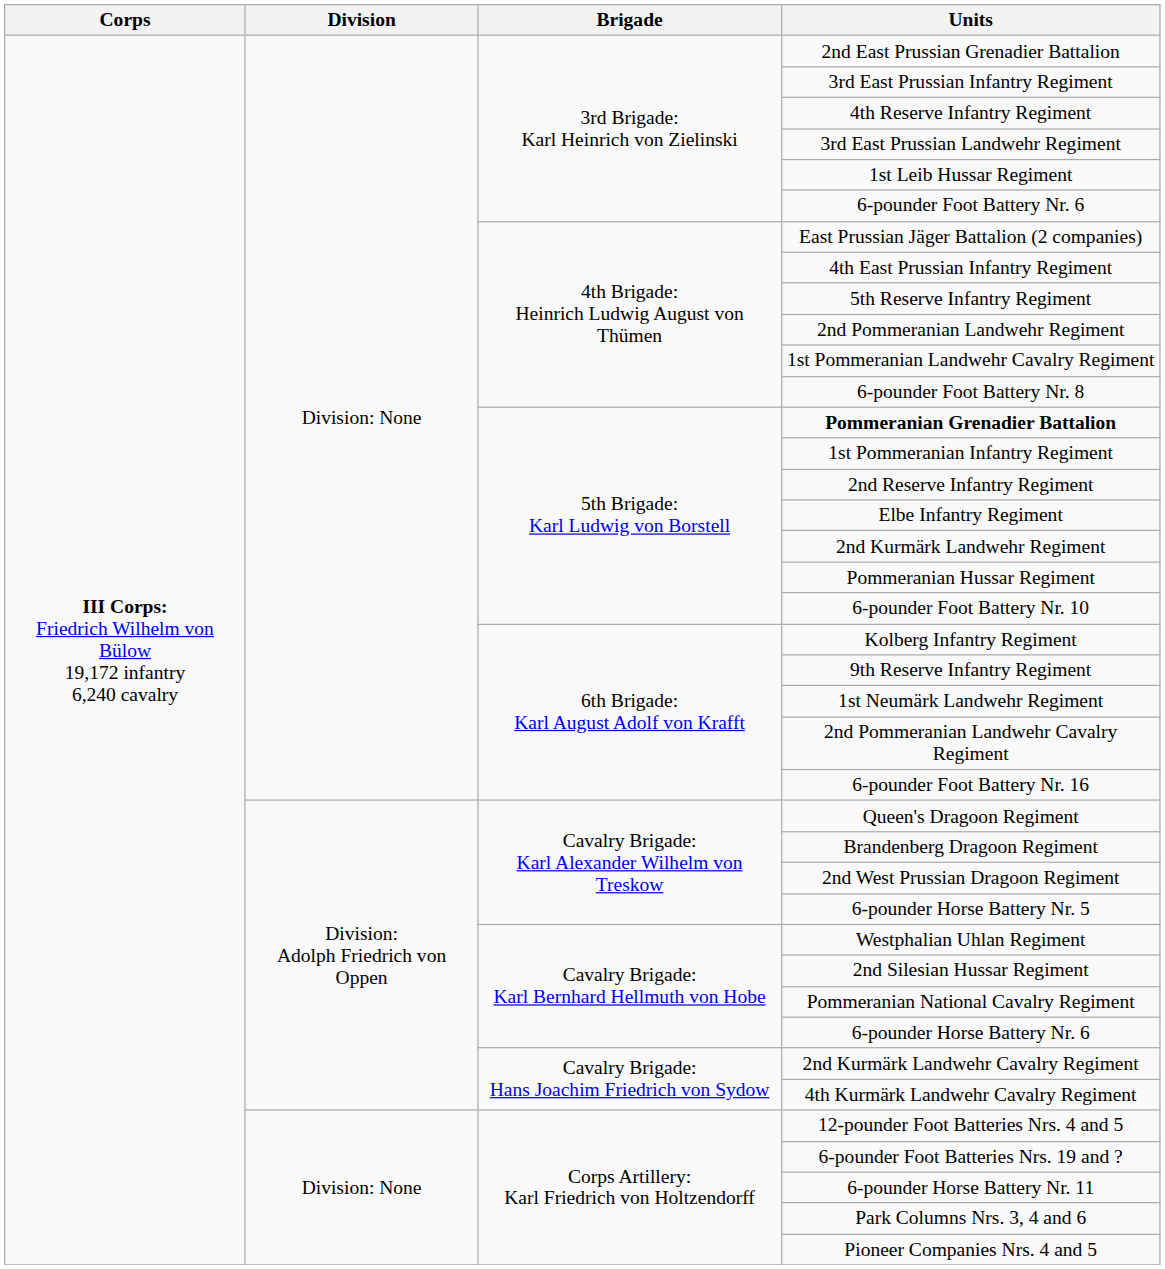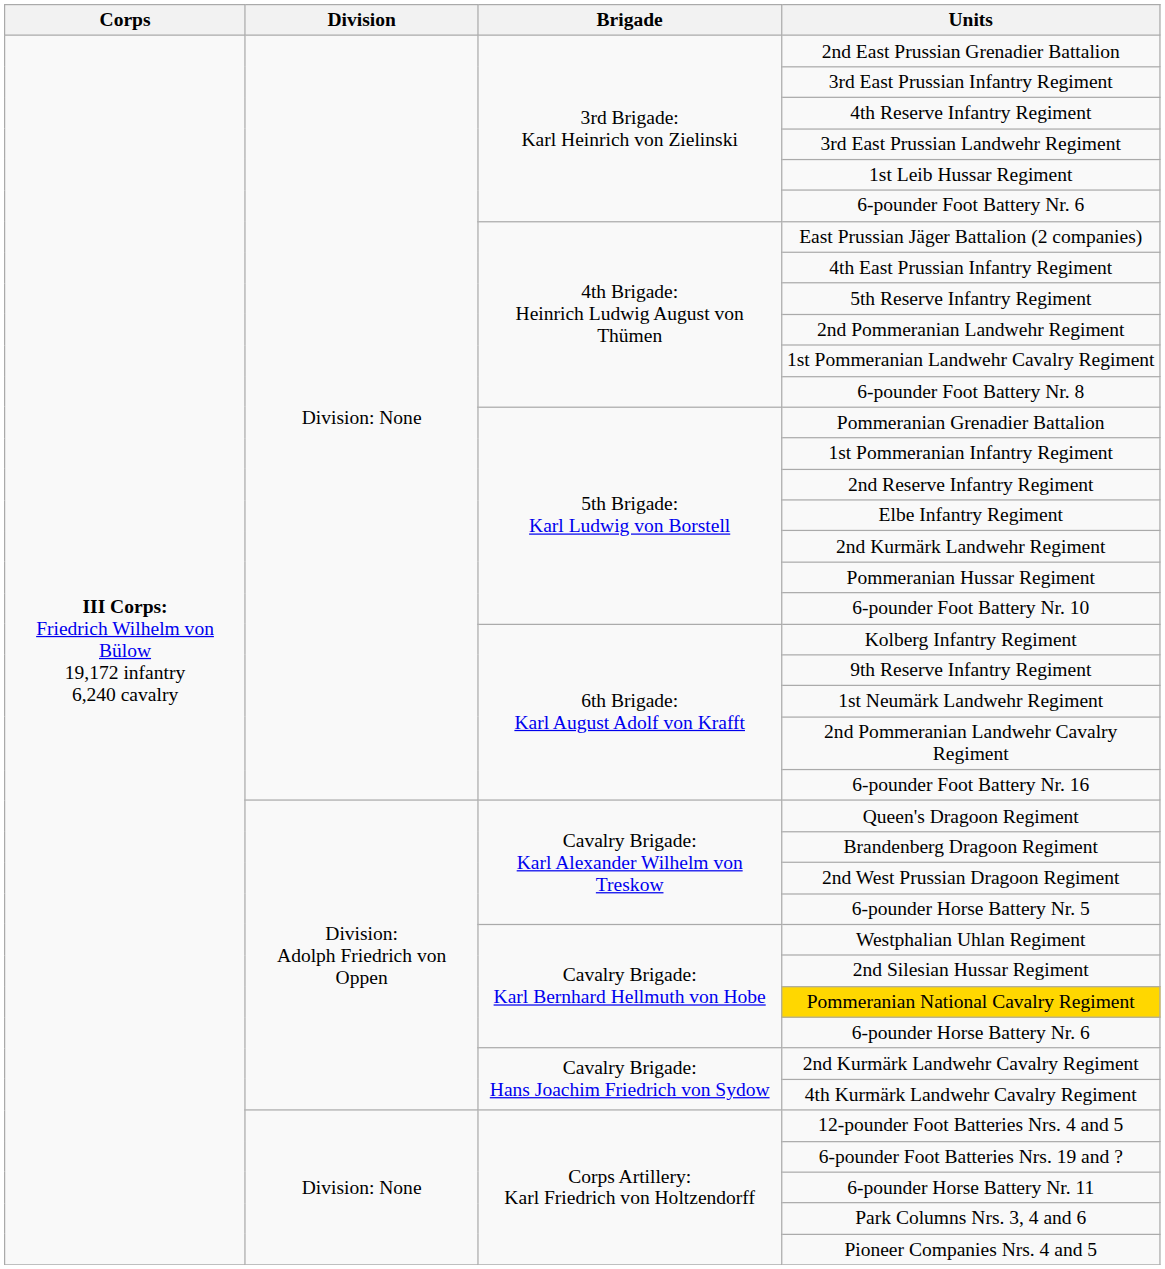 <table class="wikitable collapsible collapsed" style="text-align:center; width:75%;">
 <tr>
 <th>Corps</th>
 <th>Division</th>
 <th>Brigade</th>
 <th>Units</th>
 </tr>
 <tr>
 <td ROWSPAN=39><strong>III Corps:</strong><br><a href='#'>Friedrich Wilhelm von Bülow</a><br>19,172 infantry<br>6,240 cavalry</td>
 <td ROWSPAN=24>Division: None</td>
 <td ROWSPAN=6>3rd Brigade:<br>Karl Heinrich von Zielinski</td>
 <td>2nd East Prussian Grenadier Battalion</td>
 </tr>
 <tr>
 <td>3rd East Prussian Infantry Regiment</td>
 </tr>
 <tr>
 <td>4th Reserve Infantry Regiment</td>
 </tr>
 <tr>
 <td>3rd East Prussian Landwehr Regiment</td>
 </tr>
 <tr>
 <td>1st Leib Hussar Regiment</td>
 </tr>
 <tr>
 <td>6-pounder Foot Battery Nr. 6</td>
 </tr>
 <tr>
 <td ROWSPAN=6>4th Brigade:<br>Heinrich Ludwig August von Thümen</td>
 <td>East Prussian Jäger Battalion (2 companies)</td>
 </tr>
 <tr>
 <td>4th East Prussian Infantry Regiment</td>
 </tr>
 <tr>
 <td>5th Reserve Infantry Regiment</td>
 </tr>
 <tr>
 <td>2nd Pommeranian Landwehr Regiment</td>
 </tr>
 <tr>
 <td>1st Pommeranian Landwehr Cavalry Regiment</td>
 </tr>
 <tr>
 <td>6-pounder Foot Battery Nr. 8</td>
 </tr>
 <tr>
 <td ROWSPAN=7>5th Brigade:<br><a href='#'>Karl Ludwig von Borstell</a></td>
-<td><strong>Pommeranian Grenadier Battalion</strong></td>
+<td>Pommeranian Grenadier Battalion</td>
 </tr>
 <tr>
 <td>1st Pommeranian Infantry Regiment</td>
 </tr>
 <tr>
 <td>2nd Reserve Infantry Regiment</td>
 </tr>
 <tr>
 <td>Elbe Infantry Regiment</td>
 </tr>
 <tr>
 <td>2nd Kurmärk Landwehr Regiment</td>
 </tr>
 <tr>
 <td>Pommeranian Hussar Regiment</td>
 </tr>
 <tr>
 <td>6-pounder Foot Battery Nr. 10</td>
 </tr>
 <tr>
 <td ROWSPAN=5>6th Brigade:<br><a href='#'>Karl August Adolf von Krafft</a></td>
 <td>Kolberg Infantry Regiment</td>
 </tr>
 <tr>
 <td>9th Reserve Infantry Regiment</td>
 </tr>
 <tr>
 <td>1st Neumärk Landwehr Regiment</td>
 </tr>
 <tr>
 <td>2nd Pommeranian Landwehr Cavalry Regiment</td>
 </tr>
 <tr>
 <td>6-pounder Foot Battery Nr. 16</td>
 </tr>
 <tr>
 <td ROWSPAN=10>Division:<br>Adolph Friedrich von Oppen</td>
 <td ROWSPAN=4>Cavalry Brigade:<br><a href='#'>Karl Alexander Wilhelm von Treskow</a></td>
 <td>Queen's Dragoon Regiment</td>
 </tr>
 <tr>
 <td>Brandenberg Dragoon Regiment</td>
 </tr>
 <tr>
 <td>2nd West Prussian Dragoon Regiment</td>
 </tr>
 <tr>
 <td>6-pounder Horse Battery Nr. 5</td>
 </tr>
 <tr>
 <td ROWSPAN=4>Cavalry Brigade:<br><a href='#'>Karl Bernhard Hellmuth von Hobe</a></td>
 <td>Westphalian Uhlan Regiment</td>
 </tr>
 <tr>
 <td>2nd Silesian Hussar Regiment</td>
 </tr>
 <tr>
-<td>Pommeranian National Cavalry Regiment</td>
+<td style="background: gold;">Pommeranian National Cavalry Regiment</td>
 </tr>
 <tr>
 <td>6-pounder Horse Battery Nr. 6</td>
 </tr>
 <tr>
 <td ROWSPAN=2>Cavalry Brigade:<br><a href='#'>Hans Joachim Friedrich von Sydow</a></td>
 <td>2nd Kurmärk Landwehr Cavalry Regiment</td>
 </tr>
 <tr>
 <td>4th Kurmärk Landwehr Cavalry Regiment</td>
 </tr>
 <tr>
 <td ROWSPAN=5>Division: None</td>
 <td ROWSPAN=5>Corps Artillery:<br>Karl Friedrich von Holtzendorff</td>
 <td>12-pounder Foot Batteries Nrs. 4 and 5</td>
 </tr>
 <tr>
 <td>6-pounder Foot Batteries Nrs. 19 and ?</td>
 </tr>
 <tr>
 <td>6-pounder Horse Battery Nr. 11</td>
 </tr>
 <tr>
 <td>Park Columns Nrs. 3, 4 and 6</td>
 </tr>
 <tr>
 <td>Pioneer Companies Nrs. 4 and 5</td>
 </tr>
 </table>
